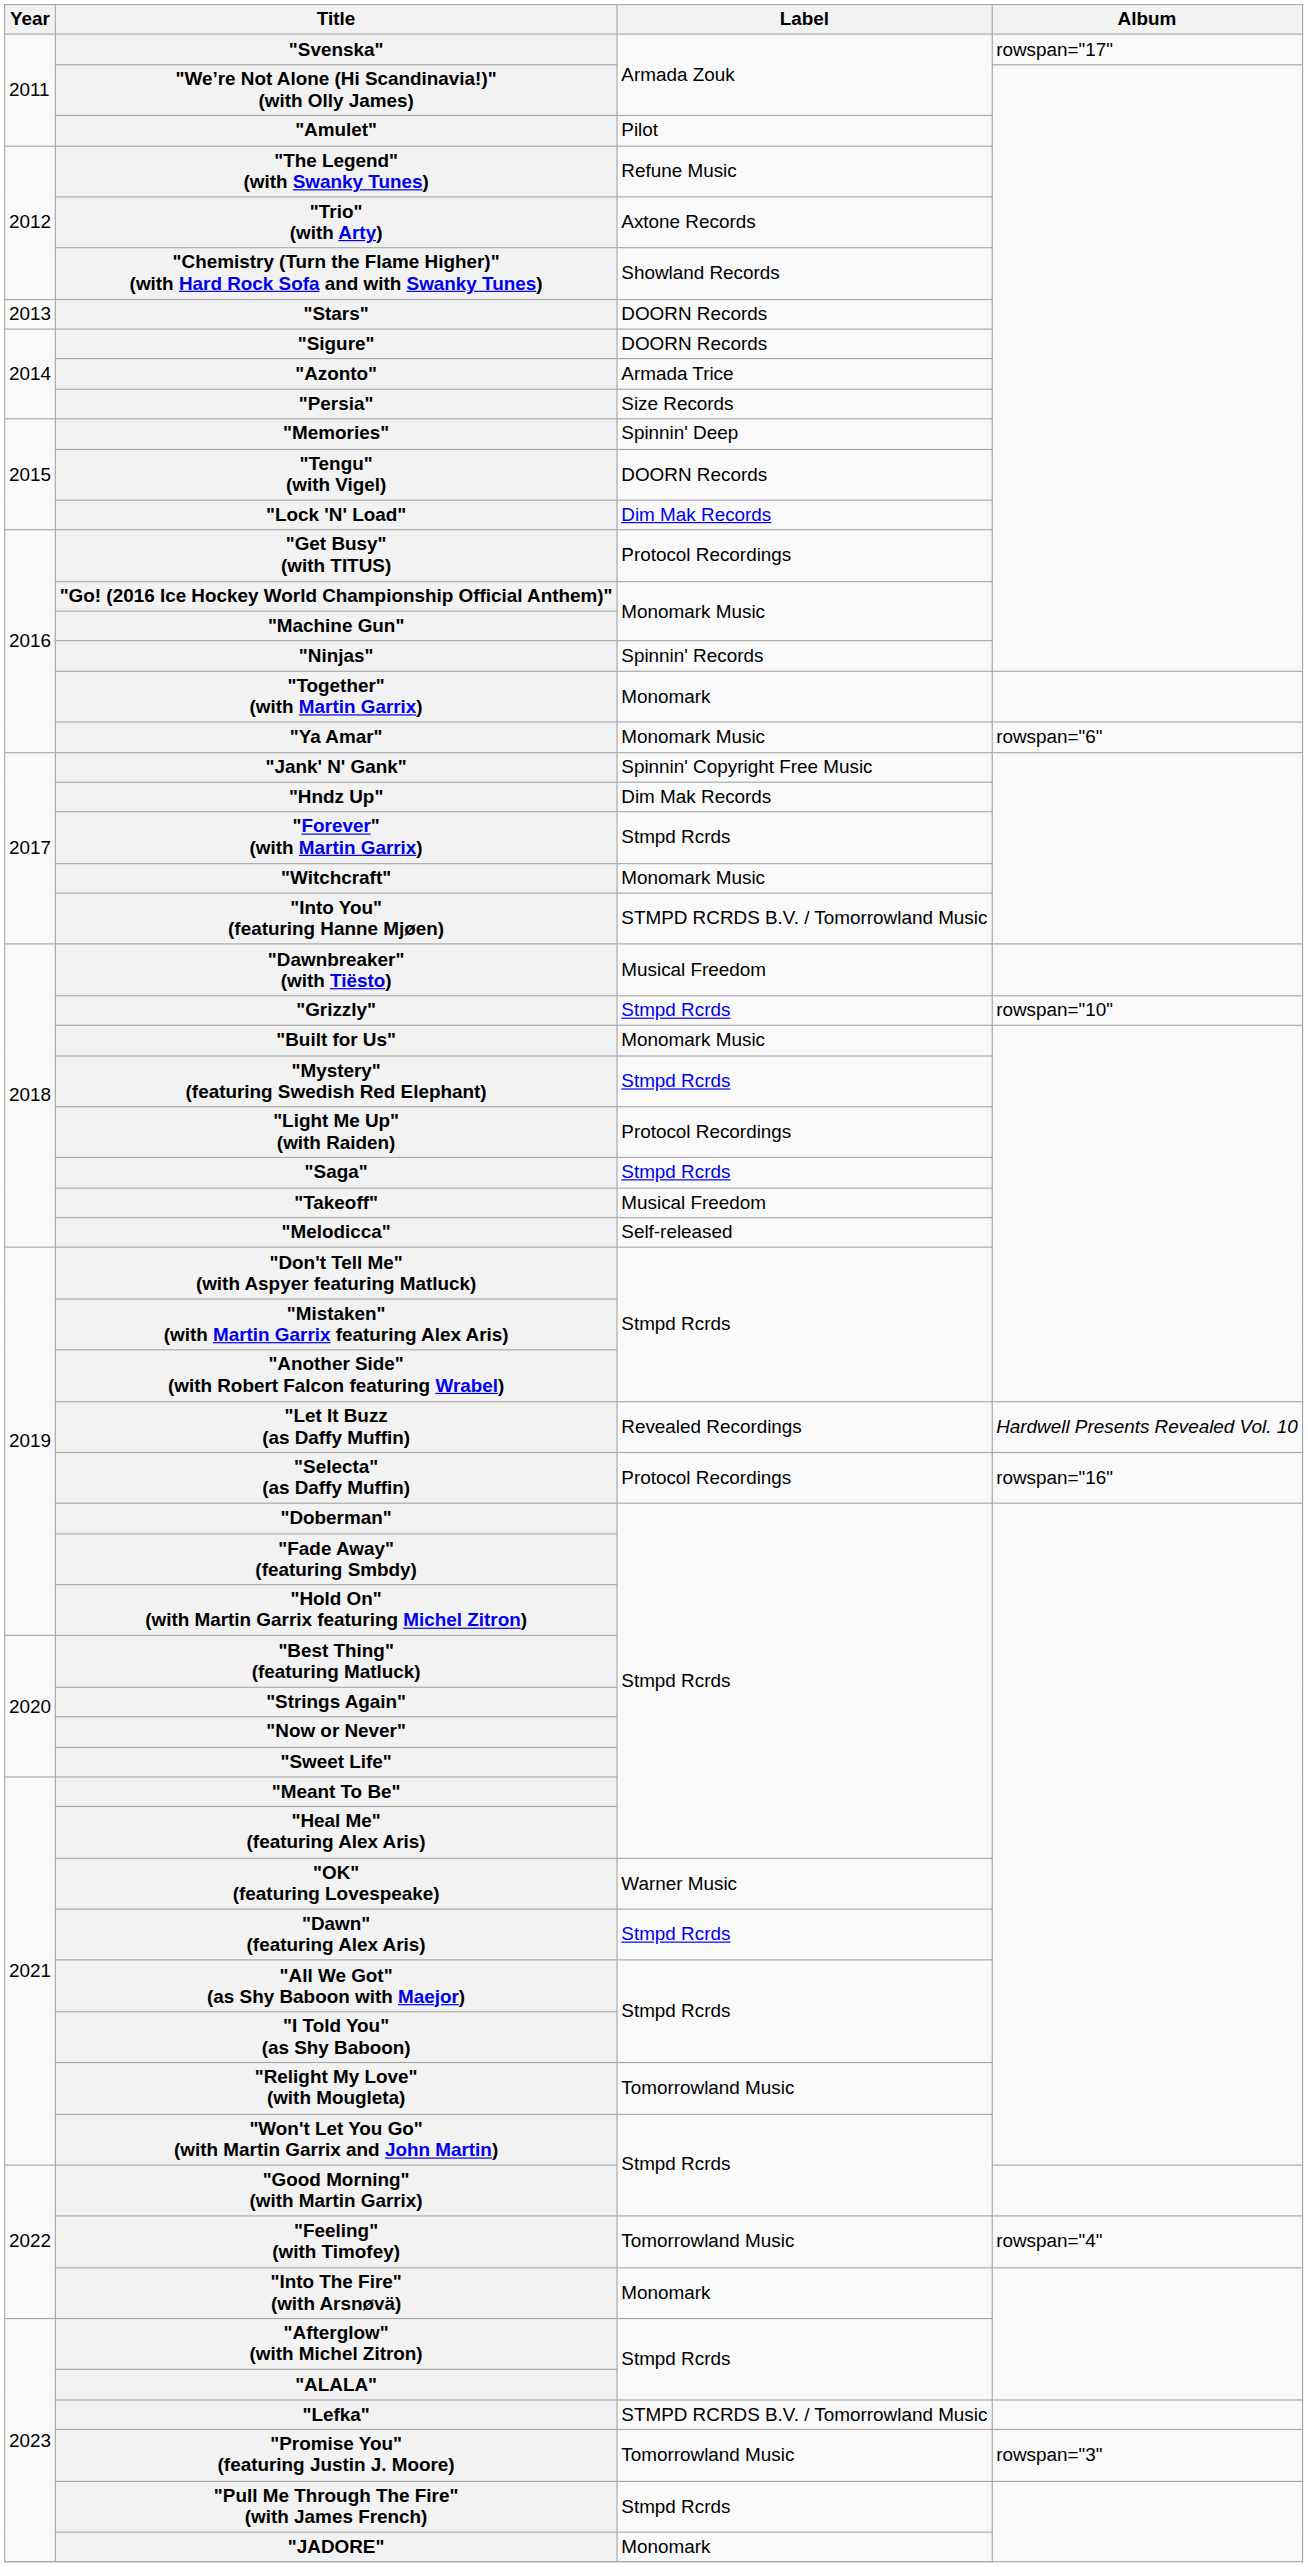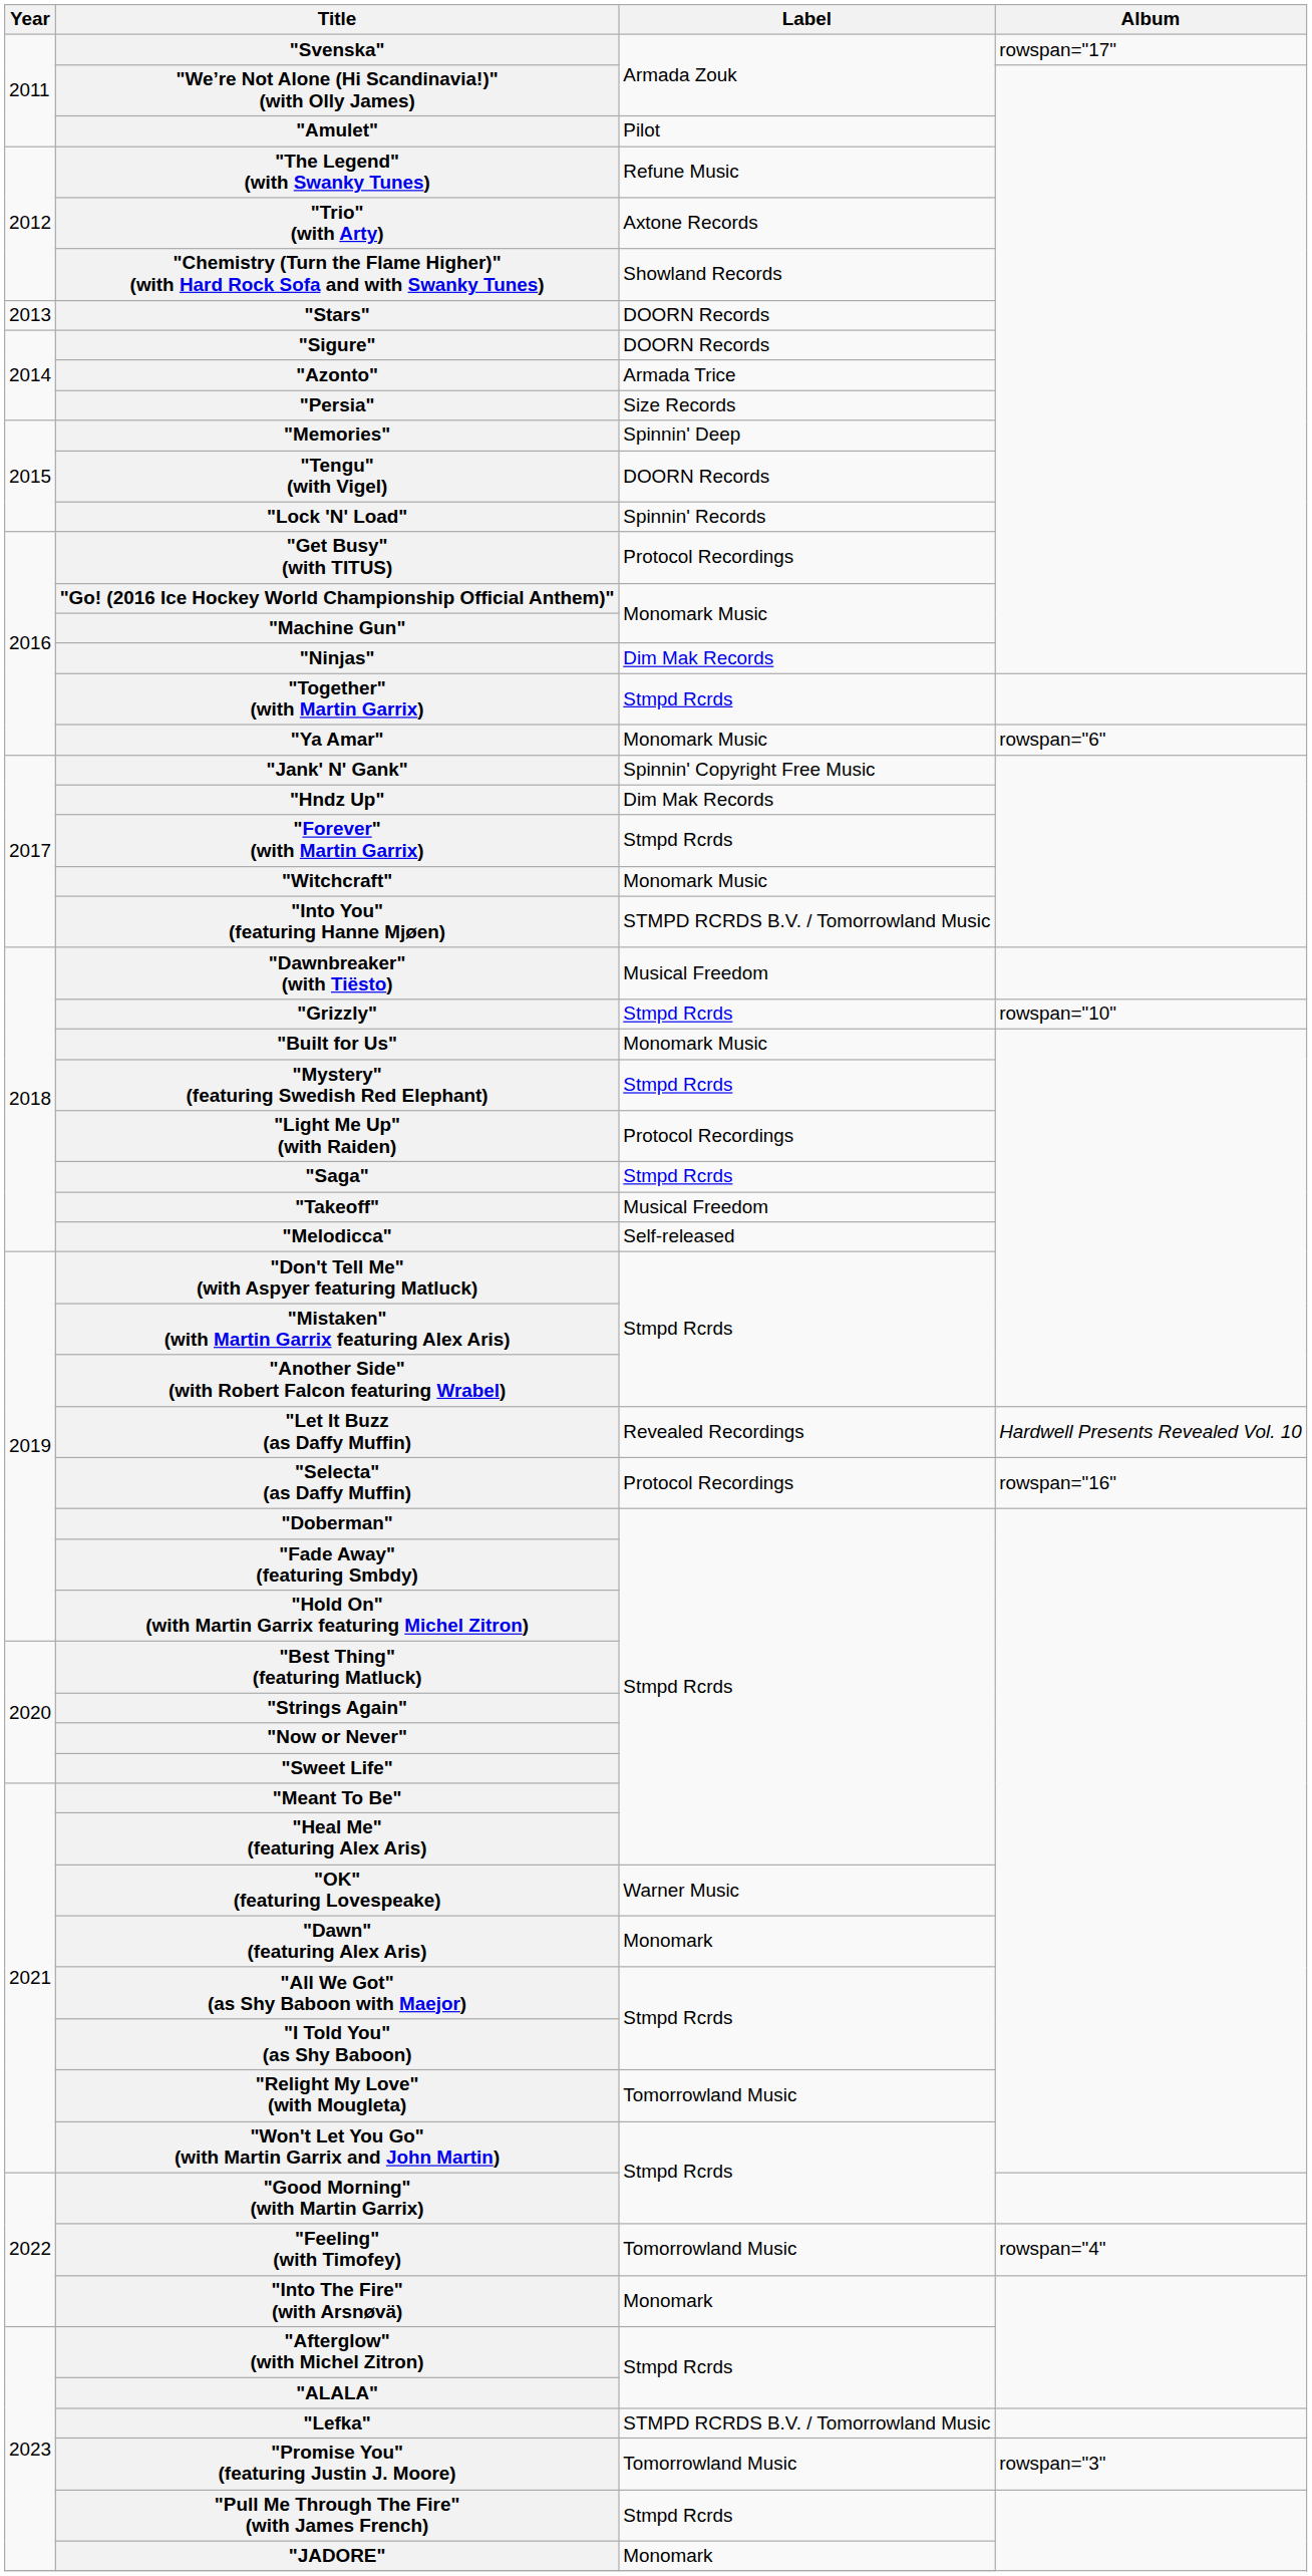 <table class="wikitable plainrowheaders">
 <tr о>
 <th>Year</th>
 <th>Title</th>
 <th>Label</th>
 <th>Album</th>
 </tr>
 <tr>
 <td rowspan="3">2011</td>
 <th scope="row">"Svenska"</th>
 <td rowspan="2">Armada Zouk</td>
 <td>rowspan="17" </td>
 </tr>
 <tr>
 <th scope="row">"We’re Not Alone (Hi Scandinavia!)" <br><span>(with Olly James)</span></th>
 </tr>
 <tr>
 <th scope="row">"Amulet"</th>
 <td>Pilot</td>
 </tr>
 <tr>
 <td rowspan="3">2012</td>
 <th scope="row">"The Legend" <br><span>(with <a href='#'>Swanky Tunes</a>)</span></th>
 <td>Refune Music</td>
 </tr>
 <tr>
 <th scope="row">"Trio" <br><span>(with <a href='#'>Arty</a>)</span></th>
 <td>Axtone Records</td>
 </tr>
 <tr>
 <th scope="row">"Chemistry (Turn the Flame Higher)" <br><span>(with <a href='#'>Hard Rock Sofa</a> and with <a href='#'>Swanky Tunes</a>)</span></th>
 <td>Showland Records</td>
 </tr>
 <tr>
 <td>2013</td>
 <th scope="row">"Stars"</th>
 <td>DOORN Records</td>
 </tr>
 <tr>
 <td rowspan="3">2014</td>
 <th scope="row">"Sigure"</th>
 <td>DOORN Records</td>
 </tr>
 <tr>
 <th scope="row">"Azonto"</th>
 <td>Armada Trice</td>
 </tr>
 <tr>
 <th scope="row">"Persia"</th>
 <td>Size Records</td>
 </tr>
 <tr>
 <td rowspan="3">2015</td>
 <th scope="row">"Memories"</th>
 <td>Spinnin' Deep</td>
 </tr>
 <tr>
 <th scope="row">"Tengu" <br><span>(with Vigel)</span></th>
 <td>DOORN Records</td>
 </tr>
 <tr>
 <th scope="row">"Lock 'N' Load"</th>
-<td><a href='#'>Dim Mak Records</a></td>
+<td>Spinnin' Records</td>
 </tr>
 <tr>
 <td rowspan="6">2016</td>
 <th scope="row">"Get Busy" <br><span>(with TITUS)</span></th>
 <td>Protocol Recordings</td>
 </tr>
 <tr>
 <th scope="row">"Go! (2016 Ice Hockey World Championship Official Anthem)"</th>
 <td rowspan="2">Monomark Music</td>
 </tr>
 <tr>
 <th scope="row">"Machine Gun"</th>
 </tr>
 <tr>
 <th scope="row">"Ninjas"</th>
-<td>Spinnin' Records</td>
+<td><a href='#'>Dim Mak Records</a></td>
 </tr>
 <tr>
 <th scope="row">"Together" <br><span>(with <a href='#'>Martin Garrix</a>)</span></th>
-<td>Monomark</td>
+<td><a href='#'>Stmpd Rcrds</a></td>
 <td></td>
 </tr>
 <tr>
 <th scope="row">"Ya Amar"</th>
 <td>Monomark Music</td>
 <td>rowspan="6" </td>
 </tr>
 <tr>
 <td rowspan="5">2017</td>
 <th scope="row">"Jank' N' Gank"</th>
 <td>Spinnin' Copyright Free Music</td>
 </tr>
 <tr>
 <th scope="row">"Hndz Up"</th>
 <td>Dim Mak Records</td>
 </tr>
 <tr>
 <th scope="row">"<a href='#'>Forever</a>" <br><span>(with <a href='#'>Martin Garrix</a>)</span></th>
 <td>Stmpd Rcrds</td>
 </tr>
 <tr>
 <th scope="row">"Witchcraft"</th>
 <td>Monomark Music</td>
 </tr>
 <tr>
 <th scope="row">"Into You" <br><span>(featuring Hanne Mjøen)</span></th>
 <td rowspan="1">STMPD RCRDS B.V. / Tomorrowland Music</td>
 </tr>
 <tr>
 <td rowspan="8">2018</td>
 <th scope="row">"Dawnbreaker" <br><span>(with <a href='#'>Tiësto</a>)</span></th>
 <td>Musical Freedom</td>
 <td></td>
 </tr>
 <tr>
 <th scope="row">"Grizzly"</th>
 <td><a href='#'>Stmpd Rcrds</a></td>
 <td>rowspan="10" </td>
 </tr>
 <tr>
 <th scope="row">"Built for Us"</th>
 <td>Monomark Music</td>
 </tr>
 <tr>
 <th scope="row">"Mystery" <br><span>(featuring Swedish Red Elephant)</span></th>
 <td><a href='#'>Stmpd Rcrds</a></td>
 </tr>
 <tr>
 <th scope="row">"Light Me Up" <br><span>(with Raiden)</span></th>
 <td>Protocol Recordings</td>
 </tr>
 <tr>
 <th scope="row">"Saga"</th>
 <td><a href='#'>Stmpd Rcrds</a></td>
 </tr>
 <tr>
 <th scope="row">"Takeoff"</th>
 <td>Musical Freedom</td>
 </tr>
 <tr>
 <th scope="row">"Melodicca"</th>
 <td>Self-released</td>
 </tr>
 <tr>
 <td rowspan="8">2019</td>
 <th scope="row">"Don't Tell Me"<br><span>(with Aspyer featuring Matluck)</span></th>
 <td rowspan="3">Stmpd Rcrds</td>
 </tr>
 <tr>
 <th scope="row">"Mistaken" <br><span>(with <a href='#'>Martin Garrix</a> featuring Alex Aris)</span></th>
 </tr>
 <tr>
 <th scope="row">"Another Side" <br><span>(with Robert Falcon featuring <a href='#'>Wrabel</a>)</span></th>
 </tr>
 <tr>
 <th scope="row">"Let It Buzz <br><span>(as Daffy Muffin)</span></th>
 <td>Revealed Recordings</td>
 <td><em>Hardwell Presents Revealed Vol. 10</em></td>
 </tr>
 <tr>
 <th scope="row">"Selecta" <br><span>(as Daffy Muffin)</span></th>
 <td>Protocol Recordings</td>
 <td>rowspan="16" </td>
 </tr>
 <tr>
 <th scope="row">"Doberman"</th>
 <td rowspan="9">Stmpd Rcrds</td>
 </tr>
 <tr>
 <th scope="row">"Fade Away" <br><span>(featuring Smbdy)</span></th>
 </tr>
 <tr>
 <th scope="row">"Hold On" <br><span>(with Martin Garrix featuring <a href='#'>Michel Zitron</a>)</span></th>
 </tr>
 <tr>
 <td rowspan="4">2020</td>
 <th scope="row">"Best Thing" <br><span>(featuring Matluck)</span></th>
 </tr>
 <tr>
 <th scope="row">"Strings Again"</th>
 </tr>
 <tr>
 <th scope="row">"Now or Never"</th>
 </tr>
 <tr>
 <th scope="row">"Sweet Life"</th>
 </tr>
 <tr>
 <td rowspan="8">2021</td>
 <th scope="row">"Meant To Be"</th>
 </tr>
 <tr>
 <th scope="row">"Heal Me" <br><span>(featuring Alex Aris)</span></th>
 </tr>
 <tr>
 <th scope="row">"OK" <br><span>(featuring Lovespeake)</span></th>
 <td>Warner Music</td>
 </tr>
 <tr>
 <th scope="row">"Dawn" <br><span>(featuring Alex Aris)</span></th>
-<td><a href='#'>Stmpd Rcrds</a></td>
+<td>Monomark</td>
 </tr>
 <tr>
 <th scope="row">"All We Got" <br><span>(as Shy Baboon with <a href='#'>Maejor</a>)</span></th>
 <td rowspan="2">Stmpd Rcrds</td>
 </tr>
 <tr>
 <th scope="row">"I Told You" <br><span>(as Shy Baboon)</span></th>
 </tr>
 <tr>
 <th scope="row">"Relight My Love" <br><span>(with Mougleta)</span></th>
 <td>Tomorrowland Music</td>
 </tr>
 <tr>
 <th scope="row">"Won't Let You Go" <br><span>(with Martin Garrix and <a href='#'>John Martin</a>)</span></th>
 <td rowspan="2">Stmpd Rcrds</td>
 </tr>
 <tr>
 <td rowspan="3">2022</td>
 <th scope="row">"Good Morning"<br><span>(with Martin Garrix)</span></th>
 <td></td>
 </tr>
 <tr>
 <th scope="row">"Feeling"<br><span>(with Timofey)</span></th>
 <td>Tomorrowland Music</td>
 <td>rowspan="4" </td>
 </tr>
 <tr>
 <th scope="row">"Into The Fire"<br><span>(with Arsnøvä)</span></th>
 <td>Monomark</td>
 </tr>
 <tr>
 <td rowspan="6">2023</td>
 <th scope="row">"Afterglow"<br><span>(with Michel Zitron)</span></th>
 <td rowspan="2">Stmpd Rcrds</td>
 </tr>
 <tr>
 <th scope="row">"ALALA"</th>
 </tr>
 <tr>
 <th scope="row">"Lefka"</th>
 <td rowspan="1">STMPD RCRDS B.V. / Tomorrowland Music</td>
 <td></td>
 </tr>
 <tr>
 <th scope="row">"Promise You"<br><span>(featuring Justin J. Moore)</span></th>
 <td>Tomorrowland Music</td>
 <td>rowspan="3" </td>
 </tr>
 <tr>
 <th scope="row">"Pull Me Through The Fire"<br><span>(with James French)</span></th>
 <td>Stmpd Rcrds</td>
 </tr>
 <tr>
 <th scope="row">"JADORE"<br></th>
 <td>Monomark</td>
 </tr>
 <tr>
 </tr>
 </table>
